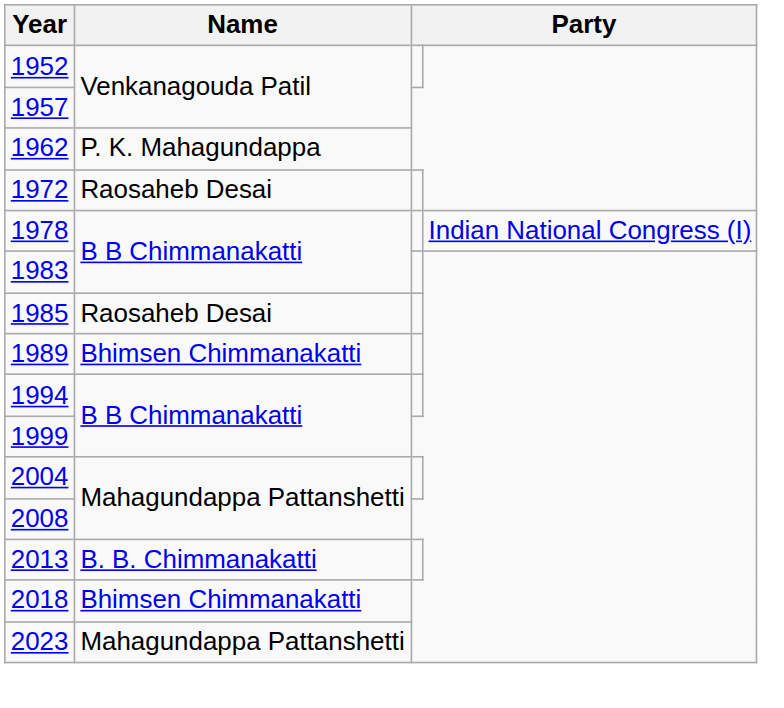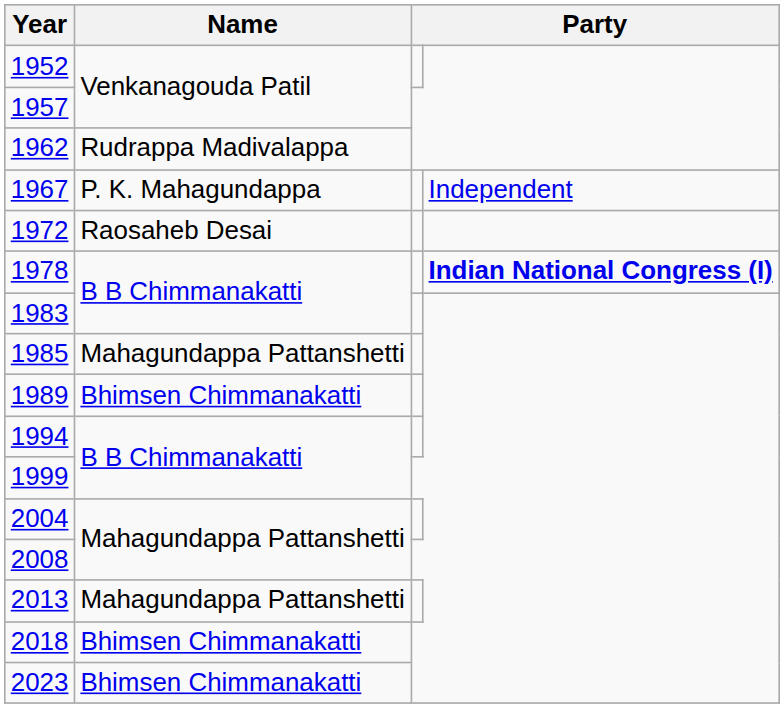 <table class="wikitable">
 <tr>
 <th>Year</th>
 <th>Name</th>
 <th colspan=2>Party</th>
 </tr>
 <tr>
 <td><a href='#'>1952</a></td>
 <td rowspan="2">Venkanagouda Patil</td>
 <td></td>
 </tr>
 <tr>
 <td><a href='#'>1957</a></td>
 </tr>
 <tr>
 <td><a href='#'>1962</a></td>
+<td>Rudrappa Madivalappa</td>
+</tr>
+<tr>
+<td><a href='#'>1967</a></td>
 <td>P. K. Mahagundappa</td>
+<td style="background-color: "></td>
+<td><a href='#'>Independent</a></td>
 </tr>
 <tr>
 <td><a href='#'>1972</a></td>
 <td>Raosaheb Desai</td>
 <td></td>
 </tr>
 <tr>
 <td><a href='#'>1978</a></td>
 <td rowspan="2"><a href='#'>B B Chimmanakatti</a></td>
 <td style="background-color: "></td>
-<td><a href='#'>Indian National Congress (I)</a></td>
+<td><strong><a href='#'>Indian National Congress (I)</a></strong></td>
 </tr>
 <tr>
 <td><a href='#'>1983</a></td>
 <td></td>
 </tr>
 <tr>
 <td><a href='#'>1985</a></td>
-<td>Raosaheb Desai</td>
+<td>Mahagundappa Pattanshetti</td>
 <td></td>
 </tr>
 <tr>
 <td><a href='#'>1989</a></td>
 <td><a href='#'>Bhimsen Chimmanakatti</a></td>
 <td></td>
 </tr>
 <tr>
 <td><a href='#'>1994</a></td>
 <td rowspan=2><a href='#'>B B Chimmanakatti</a></td>
 <td></td>
 </tr>
 <tr>
 <td><a href='#'>1999</a></td>
 </tr>
 <tr>
 <td><a href='#'>2004</a></td>
 <td rowspan=2>Mahagundappa Pattanshetti</td>
 <td></td>
 </tr>
 <tr>
 <td><a href='#'>2008</a></td>
 </tr>
 <tr>
 <td><a href='#'>2013</a></td>
-<td><a href='#'>B. B. Chimmanakatti</a></td>
+<td>Mahagundappa Pattanshetti</td>
 <td></td>
 </tr>
 <tr>
 <td><a href='#'>2018</a></td>
 <td><a href='#'>Bhimsen Chimmanakatti</a></td>
 </tr>
 <tr>
 <td><a href='#'>2023</a></td>
-<td>Mahagundappa Pattanshetti</td>
+<td><a href='#'>Bhimsen Chimmanakatti</a></td>
 </tr>
 </table>
